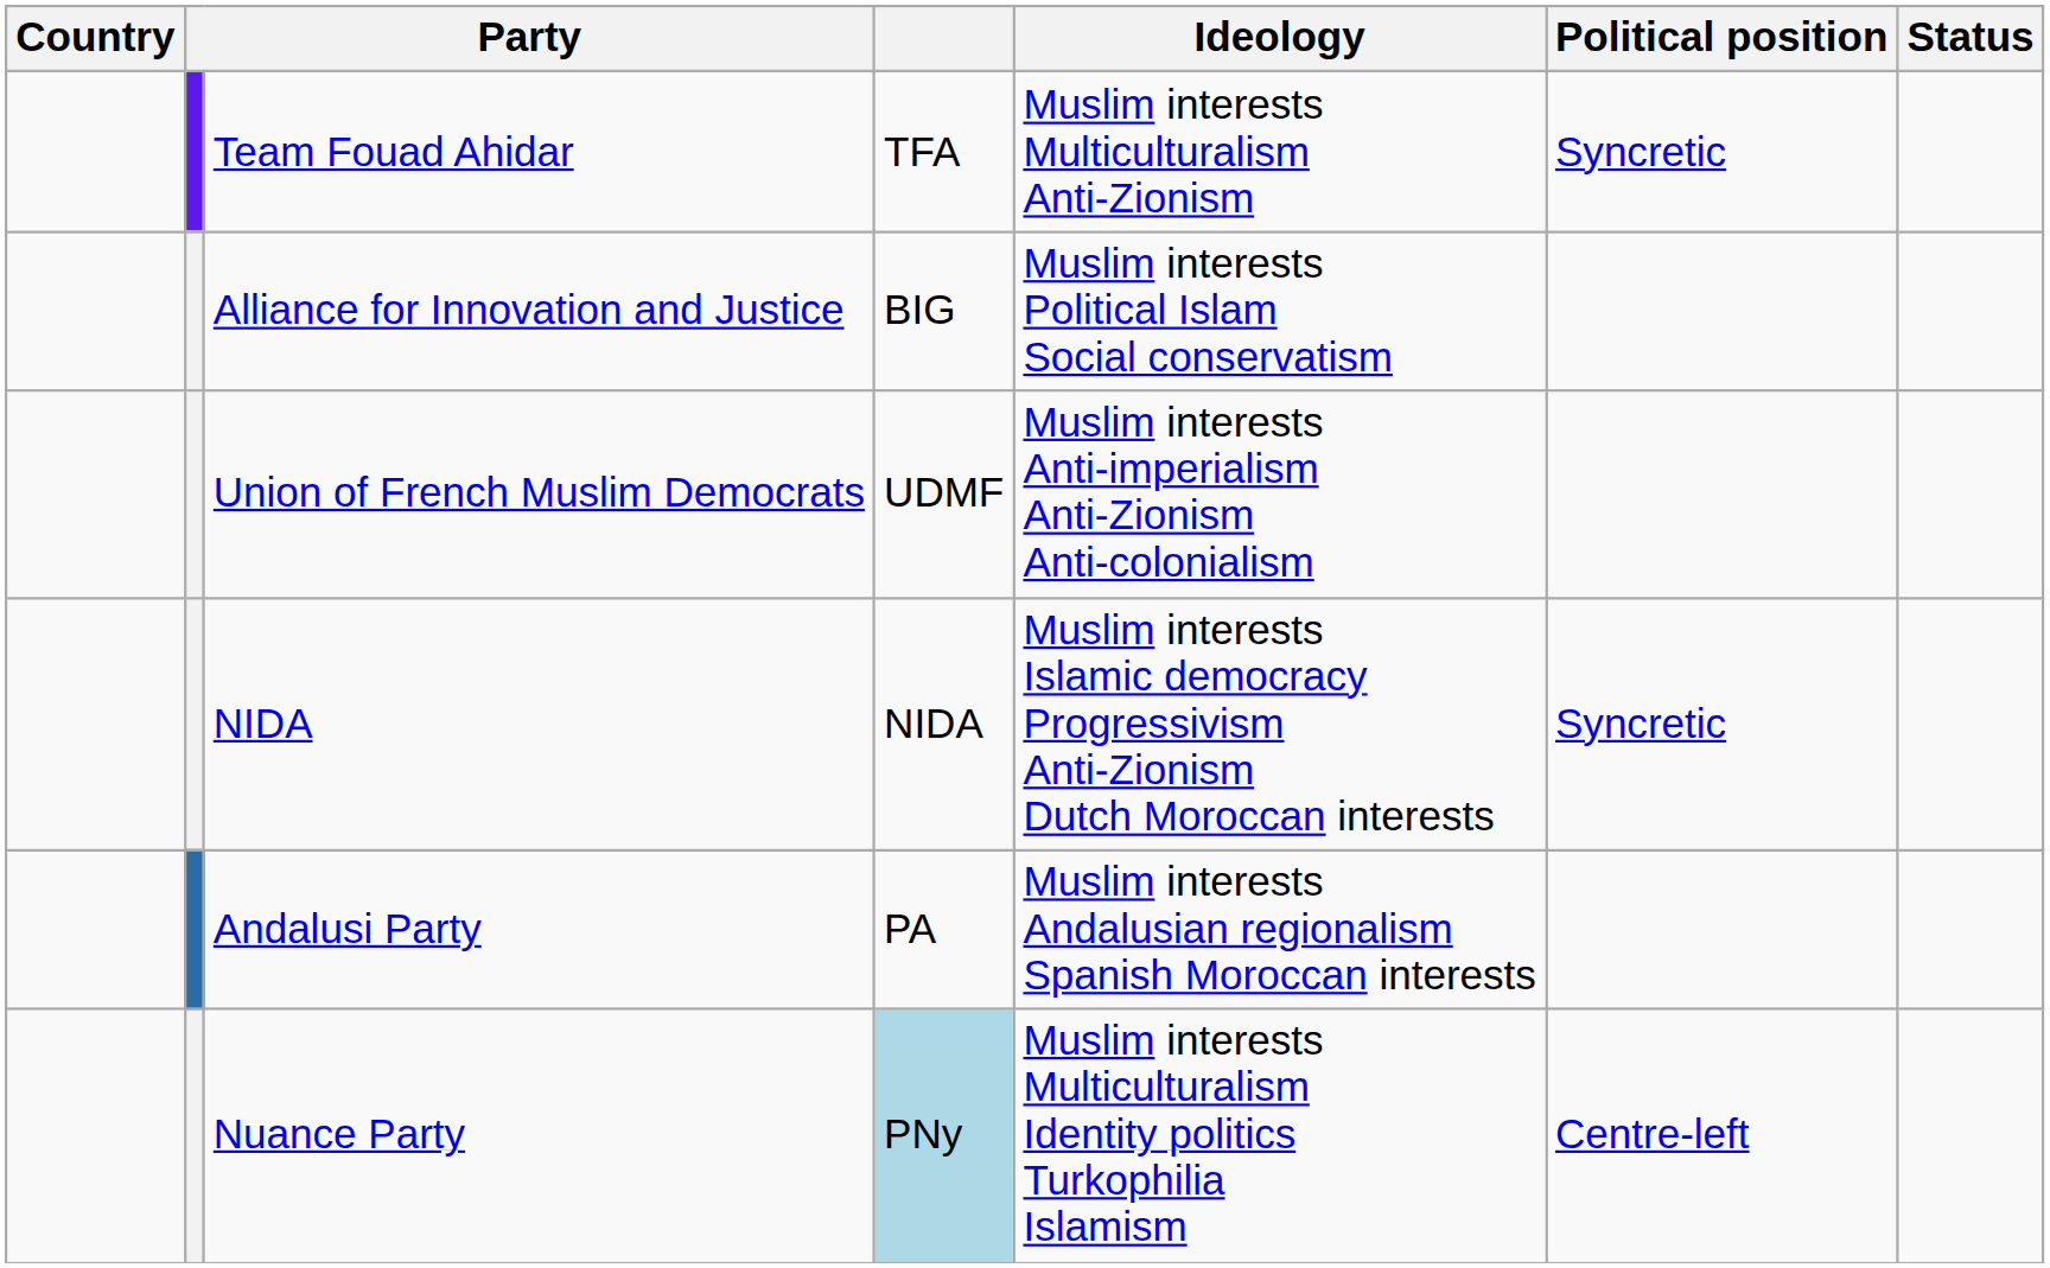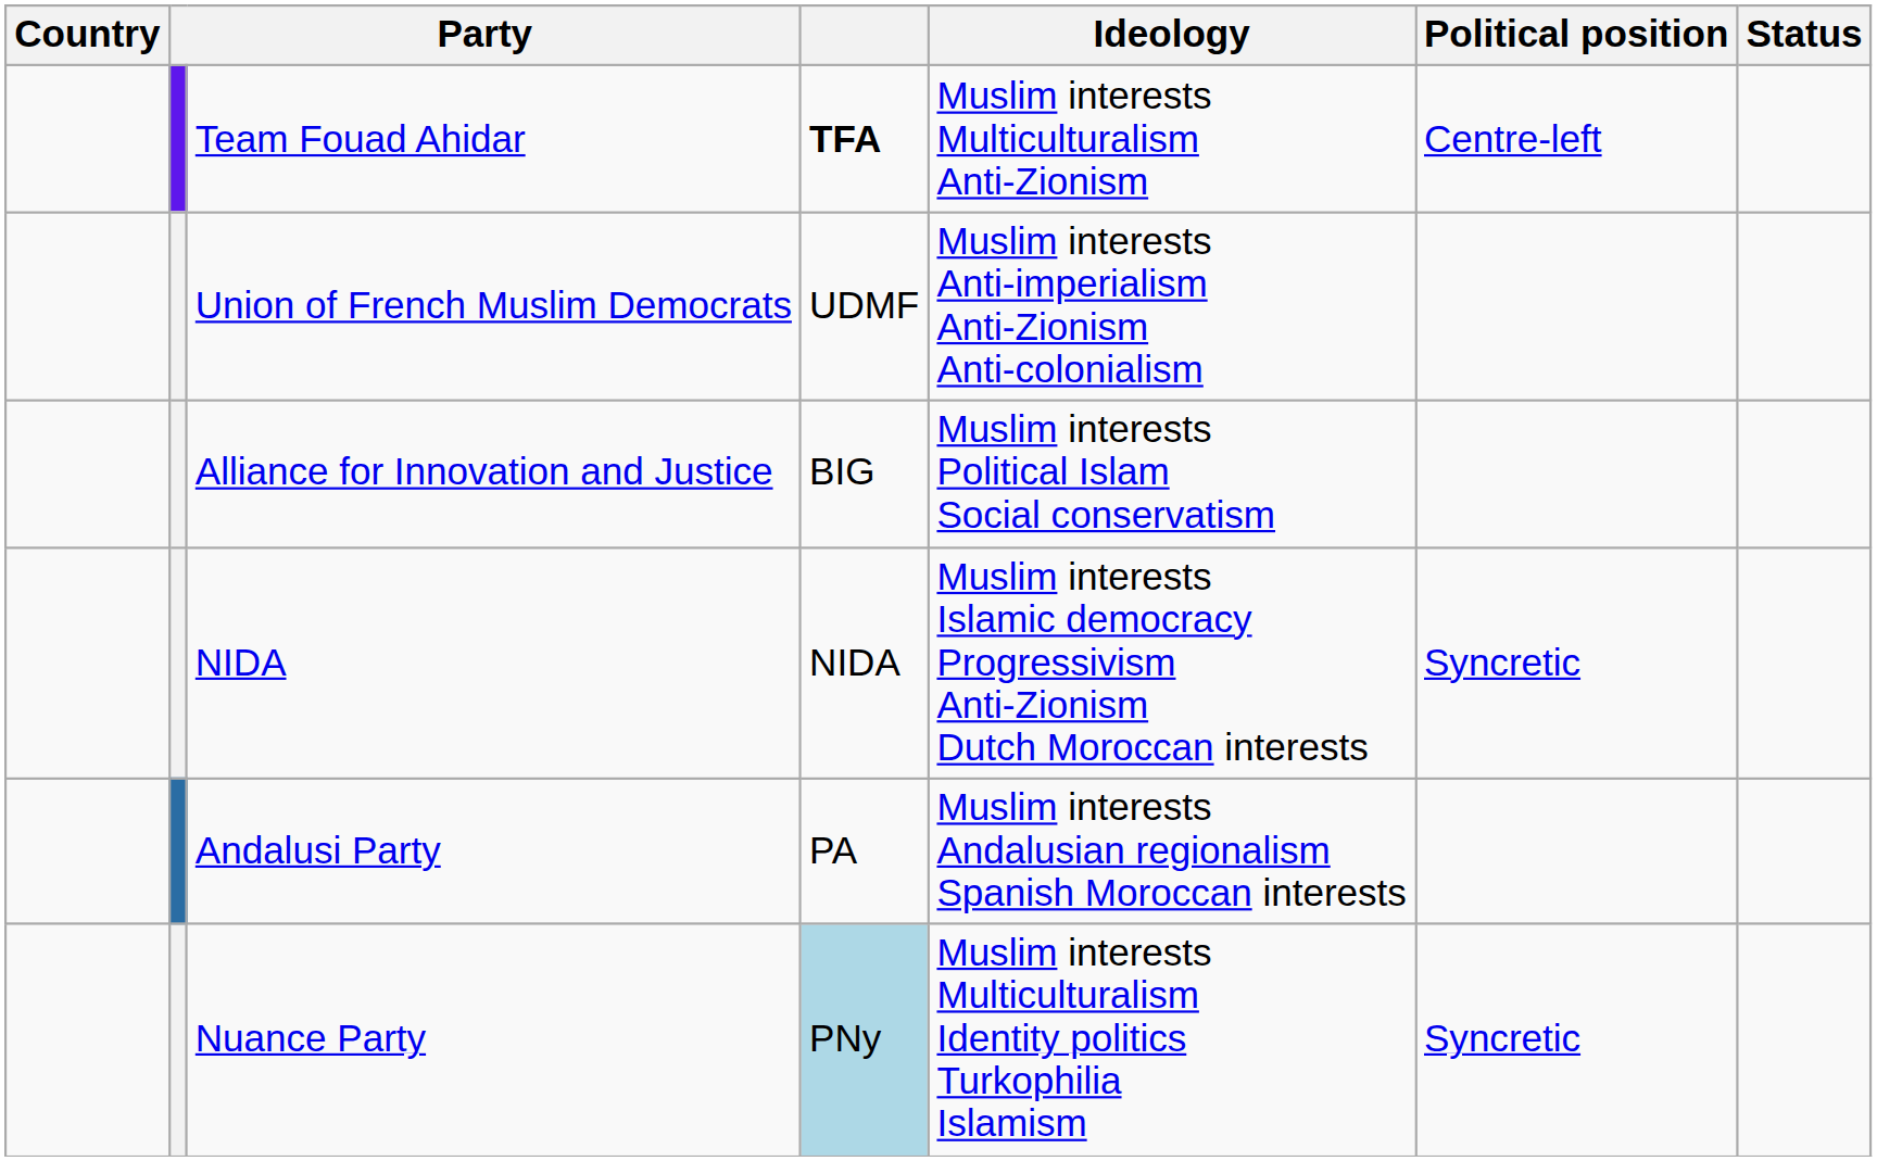 <table class="wikitable sortable">
 <tr>
 <th>Country</th>
 <th colspan="2">Party</th>
 <th></th>
 <th>Ideology</th>
 <th>Political position</th>
 <th>Status</th>
 </tr>
 <tr>
 <td></td>
 <th style="background:#5E17EC;"></th>
 <td><a href='#'>Team Fouad Ahidar</a></td>
-<td>TFA</td>
+<td><strong>TFA</strong></td>
 <td><a href='#'>Muslim</a> interests<br><a href='#'>Multiculturalism</a><br><a href='#'>Anti-Zionism</a></td>
-<td><a href='#'>Syncretic</a></td>
+<td><a href='#'>Centre-left</a></td>
+<td></td>
+</tr>
+<tr>
+<td></td>
+<th style="background:"></th>
+<td><a href='#'>Union of French Muslim Democrats</a><br></td>
+<td>UDMF</td>
+<td><a href='#'>Muslim</a> interests<br><a href='#'>Anti-imperialism</a><br><a href='#'>Anti-Zionism</a><br><a href='#'>Anti-colonialism</a></td>
+<td></td>
 <td></td>
 </tr>
 <tr>
 <td></td>
 <th style="background:"></th>
 <td><a href='#'>Alliance for Innovation and Justice</a><br></td>
 <td>BIG</td>
 <td><a href='#'>Muslim</a> interests<br><a href='#'>Political Islam</a><br><a href='#'>Social conservatism</a></td>
-<td></td>
-<td></td>
-</tr>
-<tr>
-<td></td>
-<th style="background:"></th>
-<td><a href='#'>Union of French Muslim Democrats</a><br></td>
-<td>UDMF</td>
-<td><a href='#'>Muslim</a> interests<br><a href='#'>Anti-imperialism</a><br><a href='#'>Anti-Zionism</a><br><a href='#'>Anti-colonialism</a></td>
 <td></td>
 <td></td>
 </tr>
 <tr>
 <td></td>
 <th style="background:"></th>
 <td><a href='#'>NIDA</a></td>
 <td>NIDA</td>
 <td><a href='#'>Muslim</a> interests<br><a href='#'>Islamic democracy</a><br><a href='#'>Progressivism</a><br><a href='#'>Anti-Zionism</a><br><a href='#'>Dutch Moroccan</a> interests</td>
 <td><a href='#'>Syncretic</a></td>
 <td></td>
 </tr>
 <tr>
 <td></td>
 <th style="background:#2A6DA4;"></th>
 <td><a href='#'>Andalusi Party</a><br></td>
 <td>PA</td>
 <td><a href='#'>Muslim</a> interests<br><a href='#'>Andalusian regionalism</a><br><a href='#'>Spanish Moroccan</a> interests</td>
 <td></td>
 <td></td>
 </tr>
 <tr>
 <td></td>
 <th style="background:"></th>
 <td><a href='#'>Nuance Party</a><br></td>
 <td style="background: lightblue;">PNy</td>
 <td><a href='#'>Muslim</a> interests<br><a href='#'>Multiculturalism</a><br><a href='#'>Identity politics</a><br><a href='#'>Turkophilia</a><br><a href='#'>Islamism</a></td>
-<td><a href='#'>Centre-left</a></td>
+<td><a href='#'>Syncretic</a></td>
 <td></td>
 </tr>
 <tr>
 </tr>
 </table>
